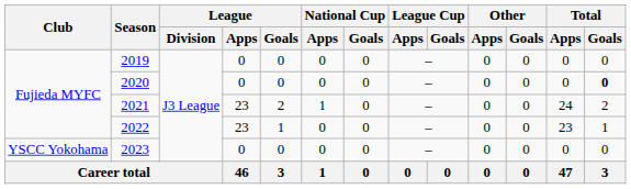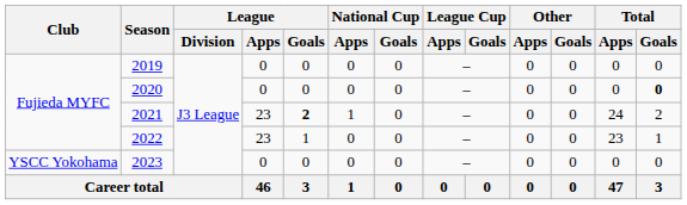 <table class="wikitable" style="text-align: center">
 <tr>
 <th rowspan="2">Club</th>
 <th rowspan="2">Season</th>
 <th colspan="3">League</th>
 <th colspan="2">National Cup</th>
 <th colspan="2">League Cup</th>
 <th colspan="2">Other</th>
 <th colspan="2">Total</th>
 </tr>
 <tr>
 <th>Division</th>
 <th>Apps</th>
 <th>Goals</th>
 <th>Apps</th>
 <th>Goals</th>
 <th>Apps</th>
 <th>Goals</th>
 <th>Apps</th>
 <th>Goals</th>
 <th>Apps</th>
 <th>Goals</th>
 </tr>
 <tr>
 <td rowspan="4"><a href='#'>Fujieda MYFC</a></td>
 <td><a href='#'>2019</a></td>
 <td rowspan="5"><a href='#'>J3 League</a></td>
 <td>0</td>
 <td>0</td>
 <td>0</td>
 <td>0</td>
 <td colspan="2">–</td>
 <td>0</td>
 <td>0</td>
 <td>0</td>
 <td>0</td>
 </tr>
 <tr>
 <td><a href='#'>2020</a></td>
 <td>0</td>
 <td>0</td>
 <td>0</td>
 <td>0</td>
 <td colspan="2">–</td>
 <td>0</td>
 <td>0</td>
 <td>0</td>
 <td><strong>0</strong></td>
 </tr>
 <tr>
 <td><a href='#'>2021</a></td>
 <td>23</td>
-<td>2</td>
+<td><strong>2</strong></td>
 <td>1</td>
 <td>0</td>
 <td colspan="2">–</td>
 <td>0</td>
 <td>0</td>
 <td>24</td>
 <td>2</td>
 </tr>
 <tr>
 <td><a href='#'>2022</a></td>
 <td>23</td>
 <td>1</td>
 <td>0</td>
 <td>0</td>
 <td colspan="2">–</td>
 <td>0</td>
 <td>0</td>
 <td>23</td>
 <td>1</td>
 </tr>
 <tr>
 <td><a href='#'>YSCC Yokohama</a></td>
 <td><a href='#'>2023</a></td>
 <td>0</td>
 <td>0</td>
 <td>0</td>
 <td>0</td>
 <td colspan="2">–</td>
 <td>0</td>
 <td>0</td>
 <td>0</td>
 <td>0</td>
 </tr>
 <tr>
 <th colspan=3>Career total</th>
 <th>46</th>
 <th>3</th>
 <th>1</th>
 <th>0</th>
 <th>0</th>
 <th>0</th>
 <th>0</th>
 <th>0</th>
 <th>47</th>
 <th>3</th>
 </tr>
 </table>
